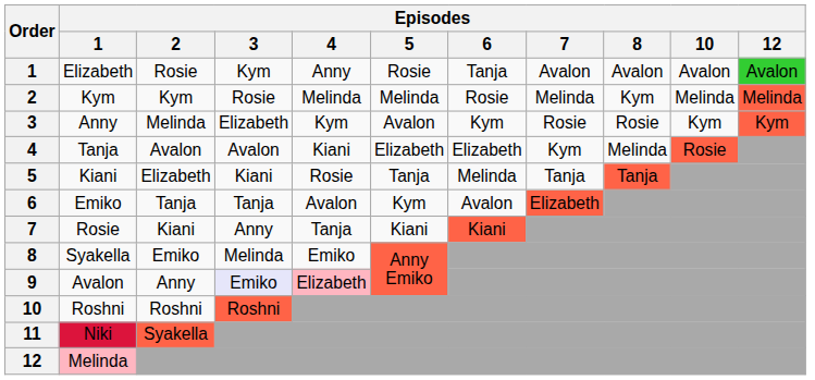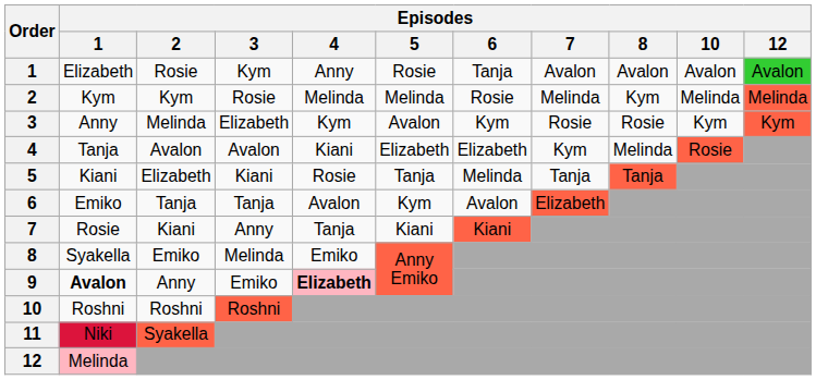 <table class="wikitable" style="text-align:center; font-size:92%">
 <tr>
 <th rowspan=2>Order</th>
 <th colspan="10">Episodes</th>
 </tr>
 <tr>
 <th>1</th>
 <th>2</th>
 <th>3</th>
 <th>4</th>
 <th>5</th>
 <th>6</th>
 <th>7</th>
 <th>8</th>
 <th>10</th>
 <th>12</th>
 </tr>
 <tr>
 <th>1</th>
 <td>Elizabeth</td>
 <td>Rosie</td>
 <td>Kym</td>
 <td>Anny</td>
 <td>Rosie</td>
 <td>Tanja</td>
 <td>Avalon</td>
 <td>Avalon</td>
 <td>Avalon</td>
 <td style="background:limegreen;">Avalon</td>
 </tr>
 <tr>
 <th>2</th>
 <td>Kym</td>
 <td>Kym</td>
 <td>Rosie</td>
 <td>Melinda</td>
 <td>Melinda</td>
 <td>Rosie</td>
 <td>Melinda</td>
 <td>Kym</td>
 <td>Melinda</td>
 <td style="background:tomato;">Melinda</td>
 </tr>
 <tr>
 <th>3</th>
 <td>Anny</td>
 <td>Melinda</td>
 <td>Elizabeth</td>
 <td>Kym</td>
 <td>Avalon</td>
 <td>Kym</td>
 <td>Rosie</td>
 <td>Rosie</td>
 <td>Kym</td>
 <td style="background:tomato;">Kym</td>
 </tr>
 <tr>
 <th>4</th>
 <td>Tanja</td>
 <td>Avalon</td>
 <td>Avalon</td>
 <td>Kiani</td>
 <td>Elizabeth</td>
 <td>Elizabeth</td>
 <td>Kym</td>
 <td>Melinda</td>
 <td style="background:tomato;">Rosie</td>
 <td style="background:darkgrey;" colspan="3"></td>
 </tr>
 <tr>
 <th>5</th>
 <td>Kiani</td>
 <td>Elizabeth</td>
 <td>Kiani</td>
 <td>Rosie</td>
 <td>Tanja</td>
 <td>Melinda</td>
 <td>Tanja</td>
 <td style="background:tomato;">Tanja</td>
 <td style="background:darkgrey;" colspan="3"></td>
 </tr>
 <tr>
 <th>6</th>
 <td>Emiko</td>
 <td>Tanja</td>
 <td>Tanja</td>
 <td>Avalon</td>
 <td>Kym</td>
 <td>Avalon</td>
 <td style="background:tomato;">Elizabeth</td>
 <td style="background:darkgrey;" colspan="4"></td>
 </tr>
 <tr>
 <th>7</th>
 <td>Rosie</td>
 <td>Kiani</td>
 <td>Anny</td>
 <td>Tanja</td>
 <td>Kiani</td>
 <td style="background:tomato;">Kiani</td>
 <td style="background:darkgrey;" colspan="5"></td>
 </tr>
 <tr>
 <th>8</th>
 <td>Syakella</td>
 <td>Emiko</td>
 <td>Melinda</td>
 <td>Emiko</td>
 <td rowspan=2 style="background:tomato;">Anny<br>Emiko</td>
 <td style="background:darkgrey;" colspan="6"></td>
 </tr>
 <tr>
 <th>9</th>
-<td>Avalon</td>
+<td><strong>Avalon</strong></td>
 <td>Anny</td>
-<td style="background: lavender;">Emiko</td>
-<td bgcolor="lightpink">Elizabeth</td>
+<td>Emiko</td>
+<td bgcolor="lightpink"><strong>Elizabeth</strong></td>
 <td style="background:darkgrey;" colspan="7"></td>
 </tr>
 <tr>
 <th>10</th>
 <td>Roshni</td>
 <td>Roshni</td>
 <td style="background:tomato;">Roshni</td>
 <td style="background:darkgrey;" colspan="8"></td>
 </tr>
 <tr>
 <th>11</th>
 <td bgcolor="crimson"><span>Niki</span></td>
 <td style="background:tomato;">Syakella</td>
 <td style="background:darkgrey;" colspan="9"></td>
 </tr>
 <tr>
 <th>12</th>
 <td bgcolor="lightpink">Melinda</td>
 <td style="background:darkgrey;" colspan="10"></td>
 </tr>
 </table>
